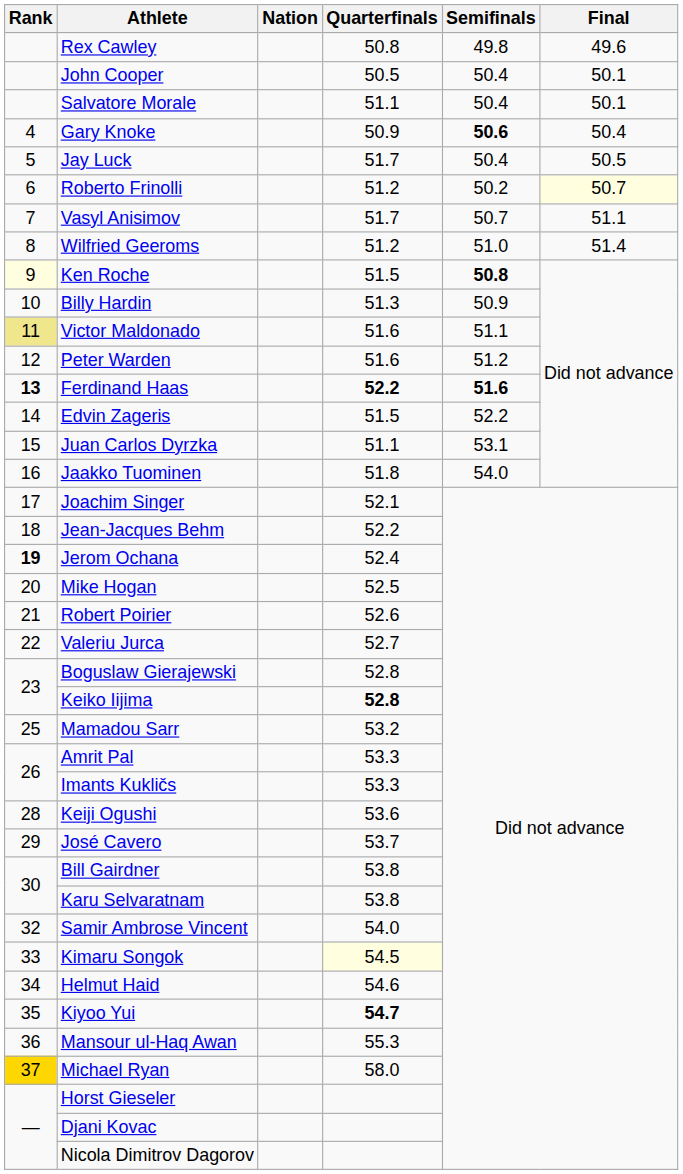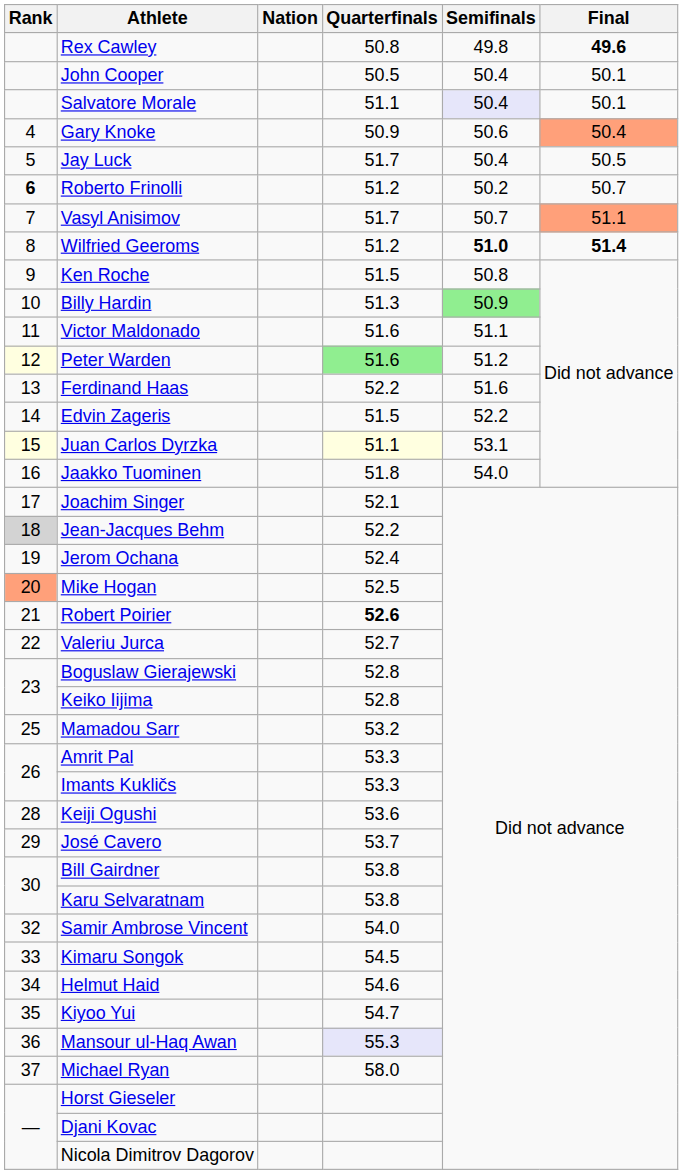 <table class="wikitable sortable" style="text-align:center">
 <tr>
 <th>Rank</th>
 <th>Athlete</th>
 <th>Nation</th>
 <th>Quarterfinals</th>
 <th>Semifinals</th>
 <th>Final</th>
 </tr>
 <tr>
 <td></td>
 <td align=left><a href='#'>Rex Cawley</a></td>
 <td align=left></td>
 <td>50.8</td>
 <td>49.8</td>
-<td>49.6</td>
+<td><strong>49.6</strong></td>
 </tr>
 <tr>
 <td></td>
 <td align=left><a href='#'>John Cooper</a></td>
 <td align=left></td>
 <td>50.5</td>
 <td>50.4</td>
 <td>50.1</td>
 </tr>
 <tr>
 <td></td>
 <td align=left><a href='#'>Salvatore Morale</a></td>
 <td align=left></td>
 <td>51.1</td>
-<td>50.4</td>
+<td style="background: lavender;">50.4</td>
 <td>50.1</td>
 </tr>
 <tr>
 <td>4</td>
 <td align=left><a href='#'>Gary Knoke</a></td>
 <td align=left></td>
 <td>50.9</td>
-<td><strong>50.6</strong></td>
-<td>50.4</td>
+<td>50.6</td>
+<td style="background: lightsalmon;">50.4</td>
 </tr>
 <tr>
 <td>5</td>
 <td align=left><a href='#'>Jay Luck</a></td>
 <td align=left></td>
 <td>51.7</td>
 <td>50.4</td>
 <td>50.5</td>
 </tr>
 <tr>
-<td>6</td>
+<td><strong>6</strong></td>
 <td align=left><a href='#'>Roberto Frinolli</a></td>
 <td align=left></td>
 <td>51.2</td>
 <td>50.2</td>
-<td style="background: lightyellow;">50.7</td>
+<td>50.7</td>
 </tr>
 <tr>
 <td>7</td>
 <td align=left><a href='#'>Vasyl Anisimov</a></td>
 <td align=left></td>
 <td>51.7</td>
 <td>50.7</td>
-<td>51.1</td>
+<td style="background: lightsalmon;">51.1</td>
 </tr>
 <tr>
 <td>8</td>
 <td align=left><a href='#'>Wilfried Geeroms</a></td>
 <td align=left></td>
 <td>51.2</td>
-<td>51.0</td>
-<td>51.4</td>
+<td><strong>51.0</strong></td>
+<td><strong>51.4</strong></td>
 </tr>
 <tr>
-<td style="background: lightyellow;">9</td>
+<td>9</td>
 <td align=left><a href='#'>Ken Roche</a></td>
 <td align=left></td>
 <td>51.5</td>
-<td><strong>50.8</strong></td>
+<td>50.8</td>
 <td rowspan=8 data-sort-value=99.9>Did not advance</td>
 </tr>
 <tr>
 <td>10</td>
 <td align=left><a href='#'>Billy Hardin</a></td>
 <td align=left></td>
 <td>51.3</td>
-<td>50.9</td>
+<td style="background: lightgreen;">50.9</td>
 </tr>
 <tr>
-<td style="background: khaki;">11</td>
+<td>11</td>
 <td align=left><a href='#'>Victor Maldonado</a></td>
 <td align=left></td>
 <td>51.6</td>
 <td>51.1</td>
 </tr>
 <tr>
-<td>12</td>
+<td style="background: lightyellow;">12</td>
 <td align=left><a href='#'>Peter Warden</a></td>
 <td align=left></td>
-<td>51.6</td>
+<td style="background: lightgreen;">51.6</td>
 <td>51.2</td>
 </tr>
 <tr>
-<td><strong>13</strong></td>
+<td>13</td>
 <td align=left><a href='#'>Ferdinand Haas</a></td>
 <td align=left></td>
-<td><strong>52.2</strong></td>
-<td><strong>51.6</strong></td>
+<td>52.2</td>
+<td>51.6</td>
 </tr>
 <tr>
 <td>14</td>
 <td align=left><a href='#'>Edvin Zageris</a></td>
 <td align=left></td>
 <td>51.5</td>
 <td>52.2</td>
 </tr>
 <tr>
-<td>15</td>
+<td style="background: lightyellow;">15</td>
 <td align=left><a href='#'>Juan Carlos Dyrzka</a></td>
 <td align=left></td>
-<td>51.1</td>
+<td style="background: lightyellow;">51.1</td>
 <td>53.1</td>
 </tr>
 <tr>
 <td>16</td>
 <td align=left><a href='#'>Jaakko Tuominen</a></td>
 <td align=left></td>
 <td>51.8</td>
 <td>54.0</td>
 </tr>
 <tr>
 <td>17</td>
 <td align=left><a href='#'>Joachim Singer</a></td>
 <td align=left></td>
 <td>52.1</td>
 <td rowspan=24 colspan=2 data-sort-value=99.9>Did not advance</td>
 </tr>
 <tr>
-<td>18</td>
+<td style="background: lightgrey;">18</td>
 <td align=left><a href='#'>Jean-Jacques Behm</a></td>
 <td align=left></td>
 <td>52.2</td>
 </tr>
 <tr>
-<td><strong>19</strong></td>
+<td>19</td>
 <td align=left><a href='#'>Jerom Ochana</a></td>
 <td align=left></td>
 <td>52.4</td>
 </tr>
 <tr>
-<td>20</td>
+<td style="background: lightsalmon;">20</td>
 <td align=left><a href='#'>Mike Hogan</a></td>
 <td align=left></td>
 <td>52.5</td>
 </tr>
 <tr>
 <td>21</td>
 <td align=left><a href='#'>Robert Poirier</a></td>
 <td align=left></td>
-<td>52.6</td>
+<td><strong>52.6</strong></td>
 </tr>
 <tr>
 <td>22</td>
 <td align=left><a href='#'>Valeriu Jurca</a></td>
 <td align=left></td>
 <td>52.7</td>
 </tr>
 <tr>
 <td rowspan=2>23</td>
 <td align=left><a href='#'>Boguslaw Gierajewski</a></td>
 <td align=left></td>
 <td>52.8</td>
 </tr>
 <tr>
 <td align=left><a href='#'>Keiko Iijima</a></td>
 <td align=left></td>
-<td><strong>52.8</strong></td>
+<td>52.8</td>
 </tr>
 <tr>
 <td>25</td>
 <td align=left><a href='#'>Mamadou Sarr</a></td>
 <td align=left></td>
 <td>53.2</td>
 </tr>
 <tr>
 <td rowspan=2>26</td>
 <td align=left><a href='#'>Amrit Pal</a></td>
 <td align=left></td>
 <td>53.3</td>
 </tr>
 <tr>
 <td align=left><a href='#'>Imants Kukličs</a></td>
 <td align=left></td>
 <td>53.3</td>
 </tr>
 <tr>
 <td>28</td>
 <td align=left><a href='#'>Keiji Ogushi</a></td>
 <td align=left></td>
 <td>53.6</td>
 </tr>
 <tr>
 <td>29</td>
 <td align=left><a href='#'>José Cavero</a></td>
 <td align=left></td>
 <td>53.7</td>
 </tr>
 <tr>
 <td rowspan=2>30</td>
 <td align=left><a href='#'>Bill Gairdner</a></td>
 <td align=left></td>
 <td>53.8</td>
 </tr>
 <tr>
 <td align=left><a href='#'>Karu Selvaratnam</a></td>
 <td align=left></td>
 <td>53.8</td>
 </tr>
 <tr>
 <td>32</td>
 <td align=left><a href='#'>Samir Ambrose Vincent</a></td>
 <td align=left></td>
 <td>54.0</td>
 </tr>
 <tr>
 <td>33</td>
 <td align=left><a href='#'>Kimaru Songok</a></td>
 <td align=left></td>
-<td style="background: lightyellow;">54.5</td>
+<td>54.5</td>
 </tr>
 <tr>
 <td>34</td>
 <td align=left><a href='#'>Helmut Haid</a></td>
 <td align=left></td>
 <td>54.6</td>
 </tr>
 <tr>
 <td>35</td>
 <td align=left><a href='#'>Kiyoo Yui</a></td>
 <td align=left></td>
-<td><strong>54.7</strong></td>
+<td>54.7</td>
 </tr>
 <tr>
 <td>36</td>
 <td align=left><a href='#'>Mansour ul-Haq Awan</a></td>
 <td align=left></td>
-<td>55.3</td>
+<td style="background: lavender;">55.3</td>
 </tr>
 <tr>
-<td style="background: gold;">37</td>
+<td>37</td>
 <td align=left><a href='#'>Michael Ryan</a></td>
 <td align=left></td>
 <td>58.0</td>
 </tr>
 <tr>
 <td rowspan=3 data-sort-value=38>—</td>
 <td align=left><a href='#'>Horst Gieseler</a></td>
 <td align=left></td>
 <td data-sort-value=90.0></td>
 </tr>
 <tr>
 <td align=left><a href='#'>Djani Kovac</a></td>
 <td align=left></td>
 <td data-sort-value=90.0></td>
 </tr>
 <tr>
 <td align=left>Nicola Dimitrov Dagorov</td>
 <td align=left></td>
 <td data-sort-value=95.0></td>
 </tr>
 </table>
